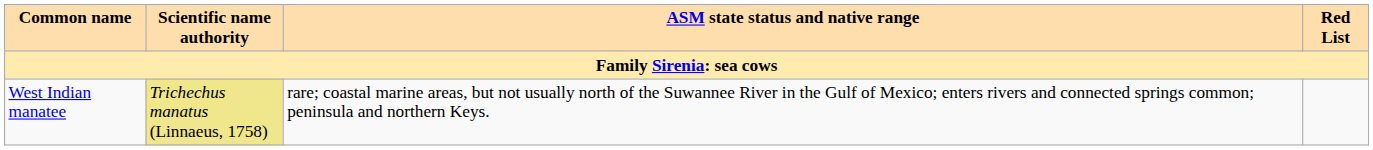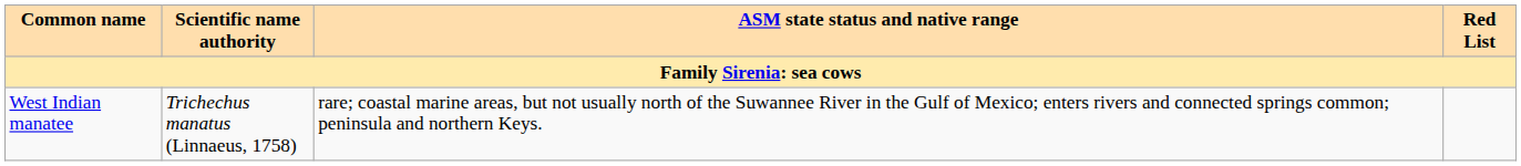 <table class="wikitable" style="width:100%; text-align:left;">
 <tr valign="top">
 <th style=background:navajowhite>Common name</th>
 <th style=background:navajowhite>Scientific name<br>authority</th>
 <th style=background:navajowhite><a href='#'>ASM</a> state status and native range</th>
 <th style=background:navajowhite>Red List</th>
 </tr>
 <tr>
 <td style="text-align:center;" bgcolor="#ffebad" colspan=5><strong>Family <a href='#'>Sirenia</a>: sea cows</strong></td>
 </tr>
 <tr valign="top">
 <td><a href='#'>West Indian manatee</a><br></td>
-<td style="background: khaki;"><em>Trichechus manatus</em><br>(Linnaeus, 1758)</td>
+<td><em>Trichechus manatus</em><br>(Linnaeus, 1758)</td>
 <td>rare; coastal marine areas, but not usually north of the Suwannee River in the Gulf of Mexico; enters rivers and connected springs common; peninsula and northern Keys.</td>
 <td><br></td>
 </tr>
 </table>
